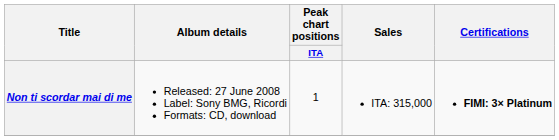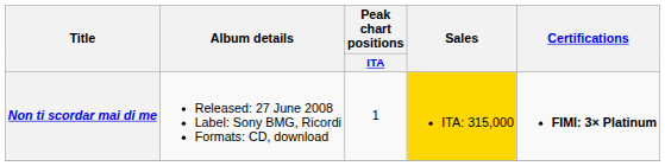 <table class="wikitable plainrowheaders" style="text-align:center;" border="1">
 <tr>
 <th scope="column" rowspan="2">Title</th>
 <th scope="column" rowspan="2">Album details</th>
 <th scope="column" colspan="1">Peak chart positions</th>
 <th scope="column" rowspan="2">Sales</th>
 <th scope="column" rowspan="2"><a href='#'>Certifications</a></th>
 </tr>
 <tr>
 <th scope="col" style="width:3em;font-size:90%;"><a href='#'>ITA</a><br></th>
 </tr>
 <tr>
 <th scope="row"><em><a href='#'>Non ti scordar mai di me</a></em></th>
 <td style="text-align:left;"><br><ul><li>Released: 27 June 2008</li><li>Label: Sony BMG, Ricordi</li><li>Formats: CD, download</li></ul></td>
 <td>1</td>
-<td><br><ul><li>ITA: 315,000</li></ul></td>
+<td style="background: gold;"><br><ul><li>ITA: 315,000</li></ul></td>
 <td><strong><br><ul><li>FIMI: 3× Platinum</li></ul></strong></td>
 </tr>
 <tr>
 </tr>
 </table>
